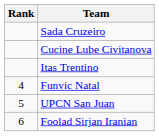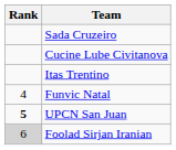 <table class="wikitable" style="text-align:center;">
 <tr>
 <th width=40>Rank</th>
 <th>Team</th>
 </tr>
 <tr>
 <td></td>
 <td style="text-align:left;"> <a href='#'>Sada Cruzeiro</a></td>
 </tr>
 <tr>
 <td></td>
 <td style="text-align:left;"> <a href='#'>Cucine Lube Civitanova</a></td>
 </tr>
 <tr>
 <td></td>
 <td style="text-align:left;"> <a href='#'>Itas Trentino</a></td>
 </tr>
 <tr>
 <td>4</td>
 <td style="text-align:left;"> <a href='#'>Funvic Natal</a></td>
 </tr>
 <tr>
-<td>5</td>
+<td><strong>5</strong></td>
 <td style="text-align:left;"> <a href='#'>UPCN San Juan</a></td>
 </tr>
 <tr>
-<td>6</td>
+<td style="background: lightgrey;">6</td>
 <td style="text-align:left;"> <a href='#'>Foolad Sirjan Iranian</a></td>
 </tr>
 </table>
